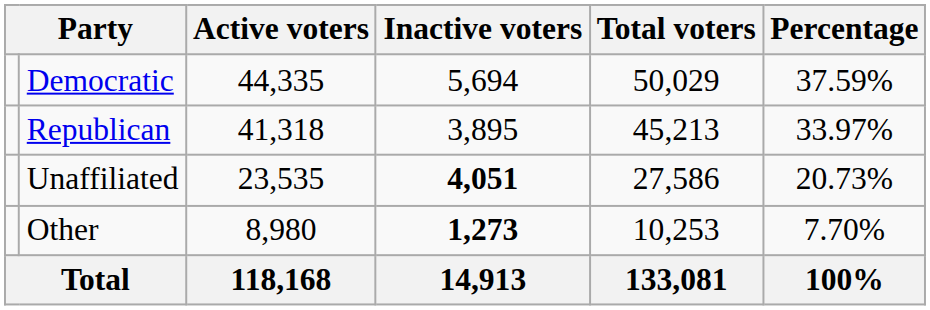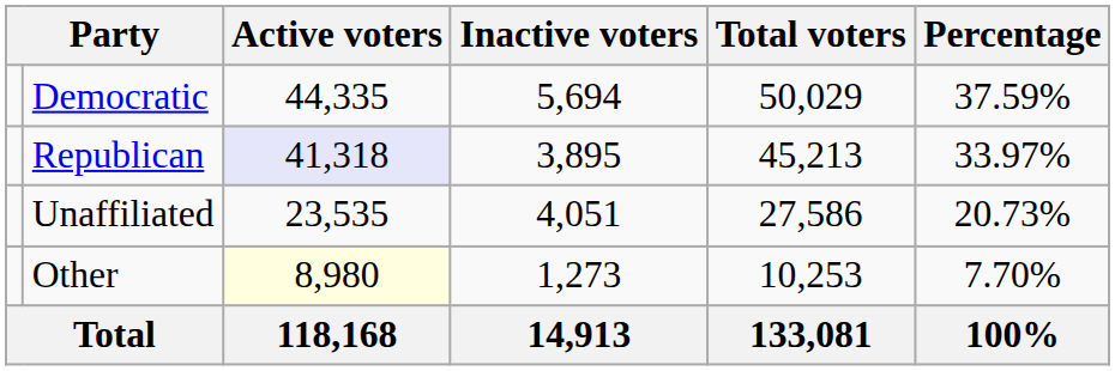 <table class=wikitable>
 <tr>
 <th colspan = 2>Party</th>
 <th>Active voters</th>
 <th>Inactive voters</th>
 <th>Total voters</th>
 <th>Percentage</th>
 </tr>
 <tr>
 <td></td>
 <td><a href='#'>Democratic</a></td>
 <td style="text-align:center;">44,335</td>
 <td style="text-align:center;">5,694</td>
 <td style="text-align:center;">50,029</td>
 <td style="text-align:center;">37.59%</td>
 </tr>
 <tr>
 <td></td>
 <td><a href='#'>Republican</a></td>
-<td style="text-align:center;">41,318</td>
+<td style="background: lavender; text-align:center;">41,318</td>
 <td style="text-align:center;">3,895</td>
 <td style="text-align:center;">45,213</td>
 <td style="text-align:center;">33.97%</td>
 </tr>
 <tr>
 <td></td>
 <td>Unaffiliated</td>
 <td style="text-align:center;">23,535</td>
-<td style="text-align:center;"><strong>4,051</strong></td>
+<td style="text-align:center;">4,051</td>
 <td style="text-align:center;">27,586</td>
 <td style="text-align:center;">20.73%</td>
 </tr>
 <tr>
 <td></td>
 <td>Other</td>
-<td style="text-align:center;">8,980</td>
-<td style="text-align:center;"><strong>1,273</strong></td>
+<td style="background: lightyellow; text-align:center;">8,980</td>
+<td style="text-align:center;">1,273</td>
 <td style="text-align:center;">10,253</td>
 <td style="text-align:center;">7.70%</td>
 </tr>
 <tr>
 <th colspan = 2>Total</th>
 <th style="text-align:center;">118,168</th>
 <th style="text-align:center;">14,913</th>
 <th style="text-align:center;">133,081</th>
 <th style="text-align:center;">100%</th>
 </tr>
 </table>
